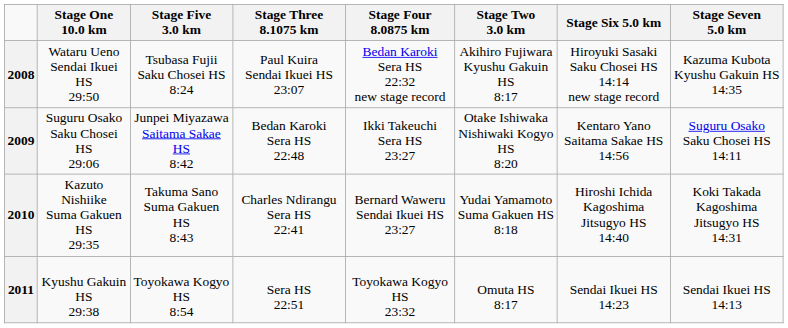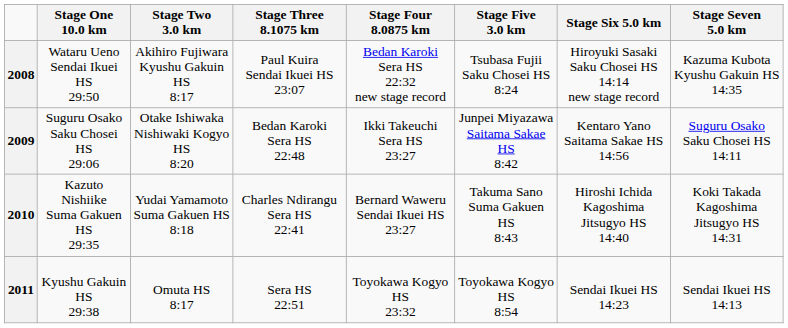 <table class="wikitable" style="text-align:center; width:105%;">
 <tr>
 <td></td>
 <th scope="col">Stage One 10.0 km</th>
-<th scope="col">Stage Five 3.0 km</th>
+<th scope="col">Stage Two 3.0 km</th>
 <th scope="col">Stage Three 8.1075 km</th>
 <th scope="col">Stage Four 8.0875 km</th>
-<th scope="col">Stage Two 3.0 km</th>
+<th scope="col">Stage Five 3.0 km</th>
 <th scope="col">Stage Six 5.0 km</th>
 <th scope="col">Stage Seven 5.0 km</th>
 </tr>
 <tr>
 <th scope="row">2008</th>
 <td>Wataru Ueno<br>Sendai Ikuei HS<br> 29:50</td>
-<td>Tsubasa Fujii<br>Saku Chosei HS<br> 8:24</td>
+<td>Akihiro Fujiwara<br>Kyushu Gakuin HS<br> 8:17</td>
 <td>Paul Kuira<br>Sendai Ikuei HS<br> 23:07</td>
 <td><a href='#'>Bedan Karoki</a><br>Sera HS<br> 22:32<br> new stage record</td>
-<td>Akihiro Fujiwara<br>Kyushu Gakuin HS<br> 8:17</td>
+<td>Tsubasa Fujii<br>Saku Chosei HS<br> 8:24</td>
 <td>Hiroyuki Sasaki<br>Saku Chosei HS<br> 14:14<br>new stage record</td>
 <td>Kazuma Kubota<br>Kyushu Gakuin HS<br> 14:35</td>
 </tr>
 <tr>
 <th scope="row">2009</th>
 <td>Suguru Osako<br>Saku Chosei HS<br> 29:06</td>
-<td>Junpei Miyazawa<br><a href='#'>Saitama Sakae HS</a><br> 8:42</td>
+<td>Otake Ishiwaka<br>Nishiwaki Kogyo HS<br> 8:20</td>
 <td>Bedan Karoki<br>Sera HS<br> 22:48</td>
 <td>Ikki Takeuchi<br>Sera HS<br> 23:27</td>
-<td>Otake Ishiwaka<br>Nishiwaki Kogyo HS<br> 8:20</td>
+<td>Junpei Miyazawa<br><a href='#'>Saitama Sakae HS</a><br> 8:42</td>
 <td>Kentaro Yano<br>Saitama Sakae HS<br> 14:56</td>
 <td><a href='#'>Suguru Osako</a><br>Saku Chosei HS<br> 14:11</td>
 </tr>
 <tr>
 <th scope="row">2010</th>
 <td>Kazuto Nishiike<br>Suma Gakuen HS<br> 29:35</td>
-<td>Takuma Sano<br>Suma Gakuen HS<br> 8:43</td>
+<td>Yudai Yamamoto<br>Suma Gakuen HS<br> 8:18</td>
 <td>Charles Ndirangu<br>Sera HS<br> 22:41</td>
 <td>Bernard Waweru<br>Sendai Ikuei HS<br> 23:27</td>
-<td>Yudai Yamamoto<br>Suma Gakuen HS<br> 8:18</td>
+<td>Takuma Sano<br>Suma Gakuen HS<br> 8:43</td>
 <td>Hiroshi Ichida<br>Kagoshima Jitsugyo HS<br> 14:40</td>
 <td>Koki Takada<br>Kagoshima Jitsugyo  HS<br> 14:31</td>
 </tr>
 <tr>
 <th scope="row">2011</th>
 <td><br>Kyushu Gakuin   HS<br> 29:38</td>
-<td><br>Toyokawa Kogyo  HS<br> 8:54</td>
+<td><br>Omuta HS<br> 8:17</td>
 <td><br>Sera  HS<br> 22:51</td>
 <td><br>Toyokawa Kogyo HS<br> 23:32</td>
-<td><br>Omuta HS<br> 8:17</td>
+<td><br>Toyokawa Kogyo  HS<br> 8:54</td>
 <td><br>Sendai Ikuei HS<br> 14:23</td>
 <td><br>Sendai Ikuei HS<br> 14:13</td>
 </tr>
 </table>
